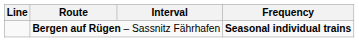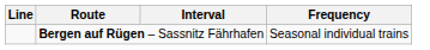 <table class="wikitable">
 <tr>
 <th>Line</th>
 <th>Route</th>
 <th>Interval</th>
 <th>Frequency</th>
 </tr>
 <tr>
 <td></td>
 <td colspan="2"><strong>Bergen auf Rügen</strong> – Sassnitz Fährhafen</td>
-<td><strong>Seasonal individual trains</strong></td>
+<td>Seasonal individual trains</td>
 </tr>
 </table>
